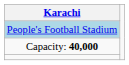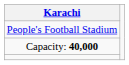 <table class="wikitable" style="text-align:center">
 <tr>
 <th><a href='#'>Karachi</a></th>
 <td rowspan="4"></td>
 </tr>
 <tr>
-<td style="background: lightblue;"><a href='#'>People's Football Stadium</a></td>
+<td><a href='#'>People's Football Stadium</a></td>
 </tr>
 <tr>
 <td>Capacity: <strong>40,000</strong></td>
 </tr>
 <tr>
 <td></td>
 </tr>
 </table>
